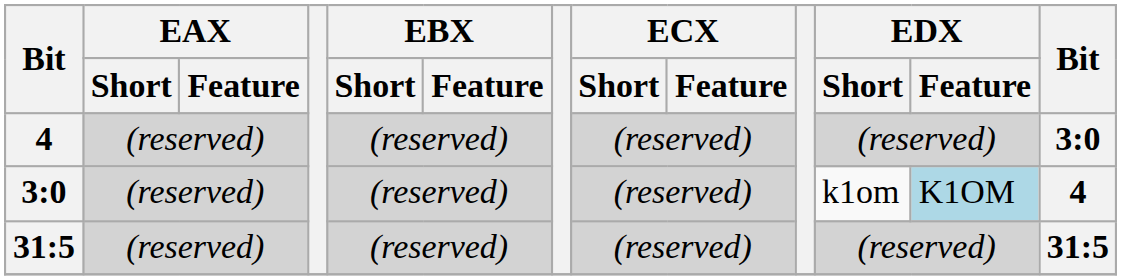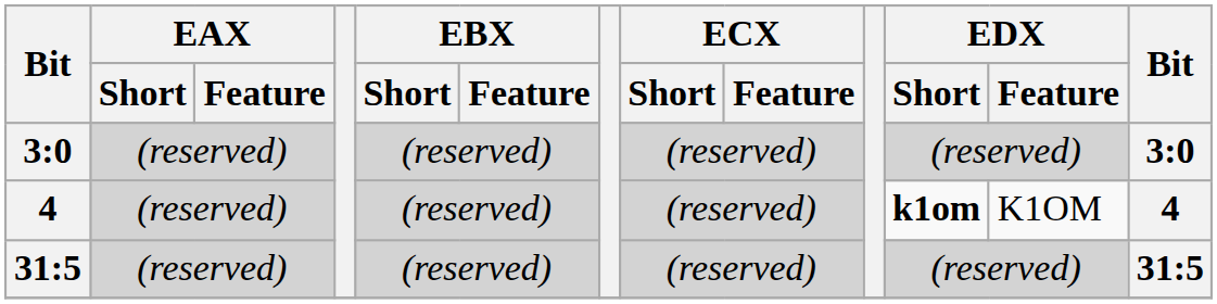 <table class="wikitable">
 <tr>
 <th rowspan="2">Bit</th>
 <th colspan="2">EAX</th>
 <th scope="col" style="width: 0.5em; border-spacing:0; padding:0px" rowspan="5"></th>
 <th colspan="2">EBX</th>
 <th scope="col" style="width: 0.5em; border-spacing:0; padding:0px" rowspan="5"></th>
 <th colspan="2">ECX</th>
 <th scope="col" style="width: 0.5em; border-spacing:0; padding:0px" rowspan="5"></th>
 <th colspan="2">EDX</th>
 <th rowspan="2">Bit</th>
 </tr>
 <tr>
 <th>Short</th>
 <th>Feature</th>
 <th>Short</th>
 <th>Feature</th>
 <th>Short</th>
 <th>Feature</th>
 <th>Short</th>
 <th>Feature</th>
 </tr>
 <tr>
-<th>4</th>
+<th>3:0</th>
 <td colspan="2" style="text-align:center; background:lightgrey;"><em>(reserved)</em></td>
 <td colspan="2" style="text-align:center; background:lightgrey;"><em>(reserved)</em></td>
 <td colspan="2" style="text-align:center; background:lightgrey;"><em>(reserved)</em></td>
 <td colspan="2" style="text-align:center; background:lightgrey;"><em>(reserved)</em></td>
 <th>3:0</th>
 </tr>
 <tr>
-<th>3:0</th>
+<th>4</th>
 <td colspan="2" style="text-align:center; background:lightgrey;"><em>(reserved)</em></td>
 <td colspan="2" style="text-align:center; background:lightgrey;"><em>(reserved)</em></td>
 <td colspan="2" style="text-align:center; background:lightgrey;"><em>(reserved)</em></td>
-<td>k1om</td>
-<td style="background: lightblue;">K1OM</td>
+<td><strong>k1om</strong></td>
+<td>K1OM</td>
 <th>4</th>
 </tr>
 <tr>
 <th>31:5</th>
 <td colspan="2" style="text-align:center; background:lightgrey;"><em>(reserved)</em></td>
 <td colspan="2" style="text-align:center; background:lightgrey;"><em>(reserved)</em></td>
 <td colspan="2" style="text-align:center; background:lightgrey;"><em>(reserved)</em></td>
 <td colspan="2" style="text-align:center; background:lightgrey;"><em>(reserved)</em></td>
 <th>31:5</th>
 </tr>
 <tr>
 </tr>
 </table>
